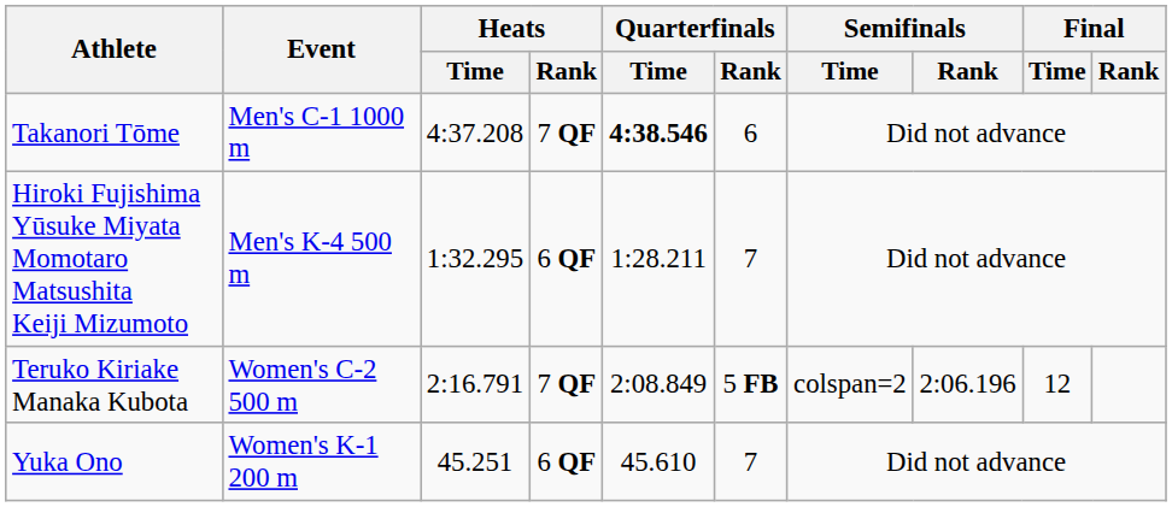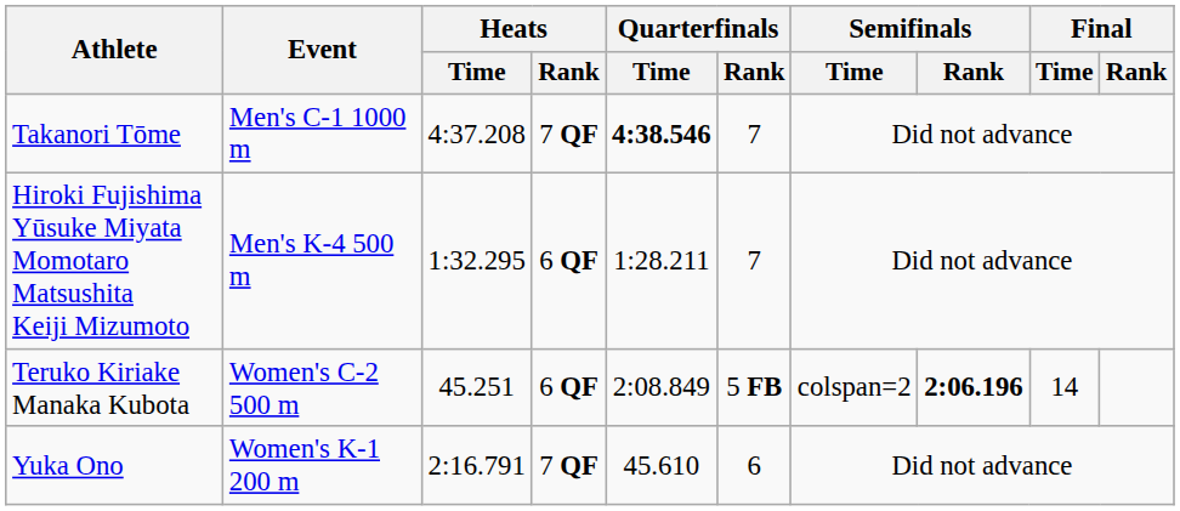 <table class=wikitable style="font-size:90%">
 <tr>
 <th rowspan="2">Athlete</th>
 <th rowspan="2">Event</th>
 <th colspan=2>Heats</th>
 <th colspan=2>Quarterfinals</th>
 <th colspan=2>Semifinals</th>
 <th colspan=2>Final</th>
 </tr>
 <tr style="font-size:95%">
 <th>Time</th>
 <th>Rank</th>
 <th>Time</th>
 <th>Rank</th>
 <th>Time</th>
 <th>Rank</th>
 <th>Time</th>
 <th>Rank</th>
 </tr>
 <tr align=center>
 <td align=left><a href='#'>Takanori Tōme</a></td>
 <td align=left><a href='#'>Men's C-1 1000 m</a></td>
 <td>4:37.208</td>
 <td>7 <strong>QF</strong></td>
 <td><strong>4:38.546</strong></td>
-<td>6</td>
+<td>7</td>
 <td colspan=4>Did not advance</td>
 </tr>
 <tr align=center>
 <td align=left><a href='#'>Hiroki Fujishima</a><br><a href='#'>Yūsuke Miyata</a><br><a href='#'>Momotaro Matsushita</a><br><a href='#'>Keiji Mizumoto</a></td>
 <td align=left><a href='#'>Men's K-4 500 m</a></td>
 <td>1:32.295</td>
 <td>6 <strong>QF</strong></td>
 <td>1:28.211</td>
 <td>7</td>
 <td colspan=4>Did not advance</td>
 </tr>
 <tr align=center>
 <td align=left><a href='#'>Teruko Kiriake</a><br>Manaka Kubota</td>
 <td align=left><a href='#'>Women's C-2 500 m</a></td>
-<td>2:16.791</td>
-<td>7 <strong>QF</strong></td>
+<td>45.251</td>
+<td>6 <strong>QF</strong></td>
 <td>2:08.849</td>
 <td>5 <strong>FB</strong></td>
 <td>colspan=2 </td>
-<td>2:06.196</td>
-<td>12</td>
+<td><strong>2:06.196</strong></td>
+<td>14</td>
 </tr>
 <tr align=center>
 <td align=left><a href='#'>Yuka Ono</a></td>
 <td align=left><a href='#'>Women's K-1 200 m</a></td>
-<td>45.251</td>
-<td>6 <strong>QF</strong></td>
+<td>2:16.791</td>
+<td>7 <strong>QF</strong></td>
 <td>45.610</td>
-<td>7</td>
+<td>6</td>
 <td colspan=4>Did not advance</td>
 </tr>
 </table>
